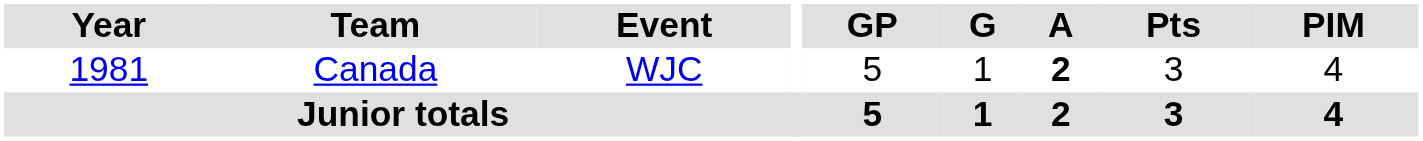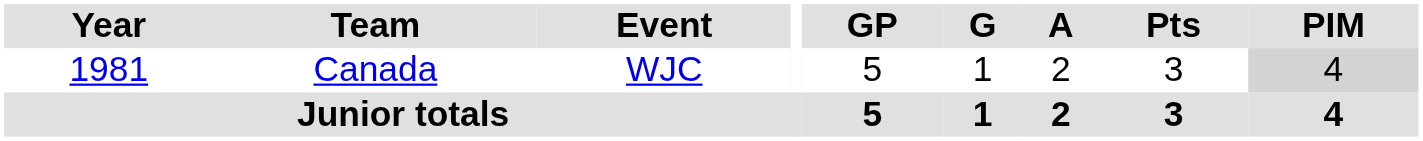 <table border="0" cellpadding="1" cellspacing="0" ID="Table3" style="text-align:center; width:40em">
 <tr bgcolor="#e0e0e0">
 <th>Year</th>
 <th>Team</th>
 <th>Event</th>
 <th rowspan="102" bgcolor="#ffffff"></th>
 <th>GP</th>
 <th>G</th>
 <th>A</th>
 <th>Pts</th>
 <th>PIM</th>
 </tr>
 <tr>
 <td><a href='#'>1981</a></td>
 <td><a href='#'>Canada</a></td>
 <td><a href='#'>WJC</a></td>
 <td>5</td>
 <td>1</td>
-<td><strong>2</strong></td>
+<td>2</td>
 <td>3</td>
-<td>4</td>
+<td style="background: lightgrey;">4</td>
 </tr>
 <tr bgcolor="#e0e0e0">
 <th colspan="4">Junior totals</th>
 <th>5</th>
 <th>1</th>
 <th>2</th>
 <th>3</th>
 <th>4</th>
 </tr>
 </table>
